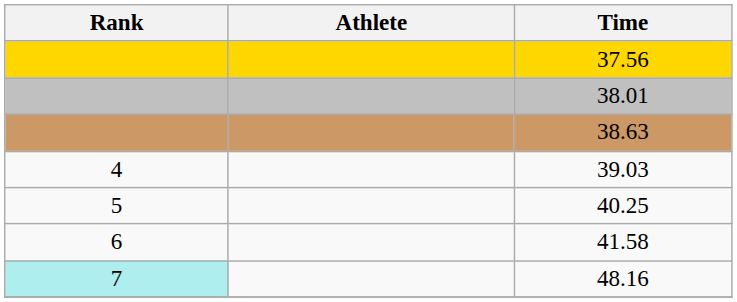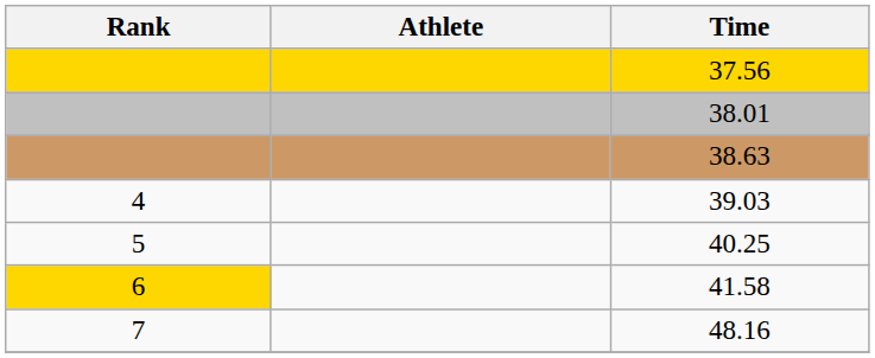 <table class="wikitable" width=40% style="text-align:center">
 <tr>
 <th>Rank</th>
 <th>Athlete</th>
 <th>Time</th>
 </tr>
 <tr bgcolor=gold>
 <td></td>
 <td align=left></td>
 <td>37.56</td>
 </tr>
 <tr bgcolor=silver>
 <td></td>
 <td align=left></td>
 <td>38.01</td>
 </tr>
 <tr bgcolor=cc9966>
 <td></td>
 <td align=left></td>
 <td>38.63</td>
 </tr>
 <tr>
 <td>4</td>
 <td align=left></td>
 <td>39.03</td>
 </tr>
 <tr>
 <td>5</td>
 <td align=left></td>
 <td>40.25</td>
 </tr>
 <tr>
-<td>6</td>
+<td style="background: gold;">6</td>
 <td align=left></td>
 <td>41.58</td>
 </tr>
 <tr>
-<td style="background: paleturquoise;">7</td>
+<td>7</td>
 <td align=left></td>
 <td>48.16</td>
 </tr>
 <tr>
 </tr>
 </table>
